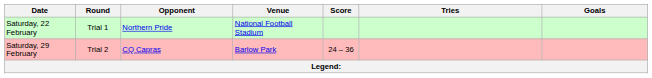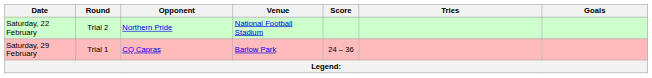 <table class="wikitable" style="font-size:75%;">
 <tr>
 <th style="width:105px;">Date</th>
 <th style="width:65px;">Round</th>
 <th style="width:170px;">Opponent</th>
 <th style="width:135px;">Venue</th>
 <th style="width:50px;">Score</th>
 <th style="width:280px;">Tries</th>
 <th style="width:160px;">Goals</th>
 </tr>
 <tr style="background:#CCFFCC">
 <td>Saturday, 22 February</td>
-<td style="text-align:center;">Trial 1</td>
+<td style="text-align:center;">Trial 2</td>
 <td> <a href='#'>Northern Pride</a></td>
 <td><a href='#'>National Football Stadium</a></td>
 <td style="text-align:center;"></td>
 <td></td>
 <td></td>
 </tr>
 <tr style="background:#FFBBBB">
 <td>Saturday, 29 February</td>
-<td style="text-align:center;">Trial 2</td>
+<td style="text-align:center;">Trial 1</td>
 <td> <a href='#'>CQ Capras</a></td>
 <td><a href='#'>Barlow Park</a></td>
 <td style="text-align:center;">24 – 36</td>
 <td></td>
 <td></td>
 </tr>
 <tr>
 <th colspan="11"><strong>Legend</strong>:    </th>
 </tr>
 </table>
